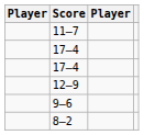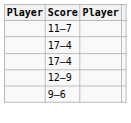 <table class="wikitable">
 <tr>
 <th>Player</th>
 <th style="text-align: center">Score</th>
 <th>Player</th>
 <th></th>
 </tr>
 <tr>
 <td></td>
 <td>11–7</td>
 <td></td>
 <td></td>
 </tr>
 <tr>
 <td></td>
 <td>17–4</td>
 <td></td>
 <td></td>
 </tr>
 <tr>
 <td></td>
 <td>17–4</td>
 <td></td>
 <td></td>
 </tr>
 <tr>
 <td></td>
 <td>12–9</td>
 <td></td>
 <td></td>
 </tr>
 <tr>
 <td></td>
 <td>9–6</td>
 <td></td>
 <td></td>
 </tr>
-<tr>
-<td></td>
-<td>8–2</td>
-<td></td>
-<td></td>
-</tr>
 </table>
